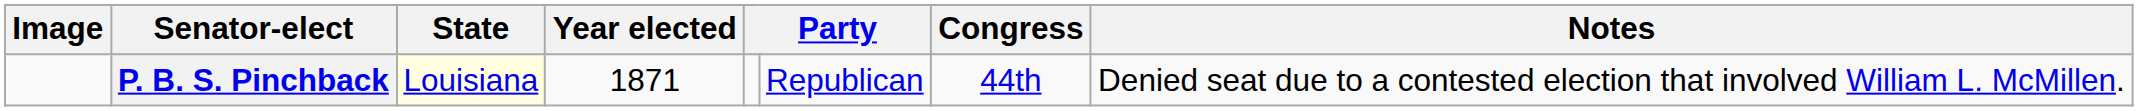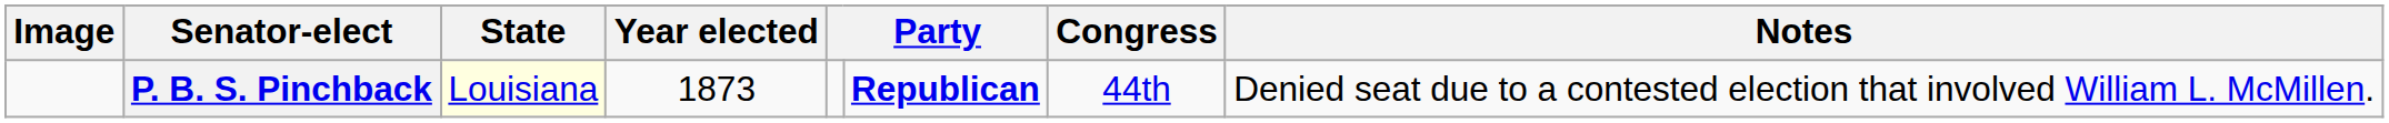 <table class="wikitable sortable plainrowheaders" style="text-align: center;">
 <tr>
 <th scope="col" class="unsortable">Image</th>
 <th scope="col" class="unsortable">Senator-elect</th>
 <th scope="col">State</th>
 <th scope="col">Year elected</th>
 <th scope="col" colspan="2"><a href='#'>Party</a></th>
 <th scope="col" class="unsortable">Congress</th>
 <th scope="col" class="unsortable">Notes</th>
 </tr>
 <tr>
 <td></td>
 <th scope="row"><strong><a href='#'>P. B. S. Pinchback</a></strong><br></th>
 <td style="background: lightyellow;"><a href='#'>Louisiana</a></td>
-<td>1871</td>
+<td>1873</td>
 <td style="background: "></td>
-<td><a href='#'>Republican</a></td>
+<td><strong><a href='#'>Republican</a></strong></td>
 <td><a href='#'>44th</a><br></td>
 <td>Denied seat due to a contested election that involved <a href='#'>William L. McMillen</a>.</td>
 </tr>
 </table>
